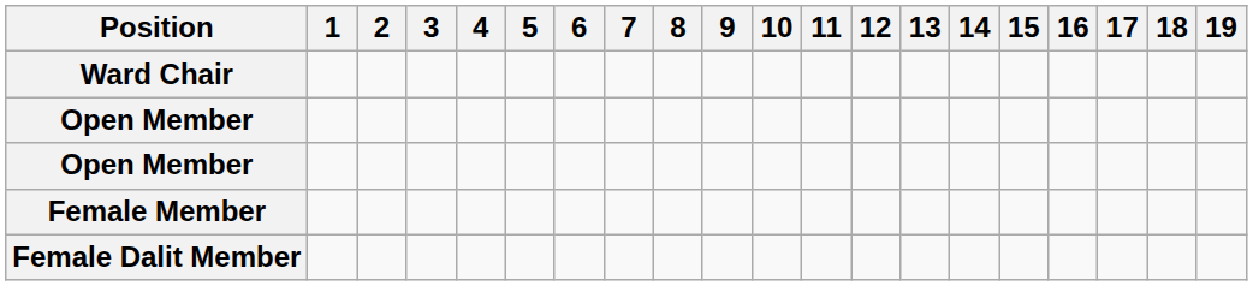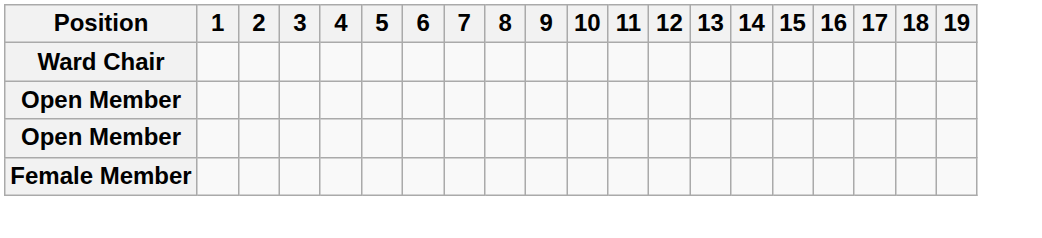 <table class="wikitable">
 <tr>
 <th>Position</th>
 <th width="20px">1</th>
 <th width="20px">2</th>
 <th width="20px">3</th>
 <th width="20px">4</th>
 <th width="20px">5</th>
 <th width="20px">6</th>
 <th width="20px">7</th>
 <th width="20px">8</th>
 <th width="20px">9</th>
 <th width="20px">10</th>
 <th width="20px">11</th>
 <th width="20px">12</th>
 <th width="20px">13</th>
 <th width="20px">14</th>
 <th width="20px">15</th>
 <th width="20px">16</th>
 <th width="20px">17</th>
 <th width="20px">18</th>
 <th width="20px">19</th>
 </tr>
 <tr>
 <th>Ward Chair</th>
 <td style="background-color:"></td>
 <td style="background-color:"></td>
 <td style="background-color:"></td>
 <td style="background-color:"></td>
 <td style="background-color:"></td>
 <td style="background-color:"></td>
 <td style="background-color:"></td>
 <td style="background-color:"></td>
 <td style="background-color:"></td>
 <td style="background-color:"></td>
 <td style="background-color:"></td>
 <td style="background-color:"></td>
 <td style="background-color:"></td>
 <td style="background-color:"></td>
 <td style="background-color:"></td>
 <td style="background-color:"></td>
 <td style="background-color:"></td>
 <td style="background-color:"></td>
 <td style="background-color:"></td>
 </tr>
 <tr>
 <th>Open Member</th>
 <td style="background-color:"></td>
 <td style="background-color:"></td>
 <td style="background-color:"></td>
 <td style="background-color:"></td>
 <td style="background-color:"></td>
 <td style="background-color:"></td>
 <td style="background-color:"></td>
 <td style="background-color:"></td>
 <td style="background-color:"></td>
 <td style="background-color:"></td>
 <td style="background-color:"></td>
 <td style="background-color:"></td>
 <td style="background-color:"></td>
 <td style="background-color:"></td>
 <td style="background-color:"></td>
 <td style="background-color:"></td>
 <td style="background-color:"></td>
 <td style="background-color:"></td>
 <td style="background-color:"></td>
 </tr>
 <tr>
 <th>Open Member</th>
 <td style="background-color:"></td>
 <td style="background-color:"></td>
 <td style="background-color:"></td>
 <td style="background-color:"></td>
 <td style="background-color:"></td>
 <td style="background-color:"></td>
 <td style="background-color:"></td>
 <td style="background-color:"></td>
 <td style="background-color:"></td>
 <td style="background-color:"></td>
 <td style="background-color:"></td>
 <td style="background-color:"></td>
 <td style="background-color:"></td>
 <td style="background-color:"></td>
 <td style="background-color:"></td>
 <td style="background-color:"></td>
 <td style="background-color:"></td>
 <td style="background-color:"></td>
 <td style="background-color:"></td>
 </tr>
 <tr>
 <th>Female Member</th>
 <td style="background-color:"></td>
 <td style="background-color:"></td>
 <td style="background-color:"></td>
 <td style="background-color:"></td>
 <td style="background-color:"></td>
 <td style="background-color:"></td>
 <td style="background-color:"></td>
 <td style="background-color:"></td>
 <td style="background-color:"></td>
 <td style="background-color:"></td>
 <td style="background-color:"></td>
 <td style="background-color:"></td>
 <td style="background-color:"></td>
 <td style="background-color:"></td>
 <td style="background-color:"></td>
 <td style="background-color:"></td>
 <td style="background-color:"></td>
 <td style="background-color:"></td>
 <td style="background-color:"></td>
 </tr>
-<tr>
-<th>Female Dalit Member</th>
-<td style="background-color:"></td>
-<td style="background-color:"></td>
-<td style="background-color:"></td>
-<td style="background-color:"></td>
-<td style="background-color:"></td>
-<td style="background-color:"></td>
-<td style="background-color:"></td>
-<td style="background-color:"></td>
-<td style="background-color:"></td>
-<td style="background-color:"></td>
-<td style="background-color:"></td>
-<td style="background-color:"></td>
-<td style="background-color:"></td>
-<td style="background-color:"></td>
-<td style="background-color:"></td>
-<td style="background-color:"></td>
-<td style="background-color:"></td>
-<td style="background-color:"></td>
-<td style="background-color:"></td>
-</tr>
 </table>
